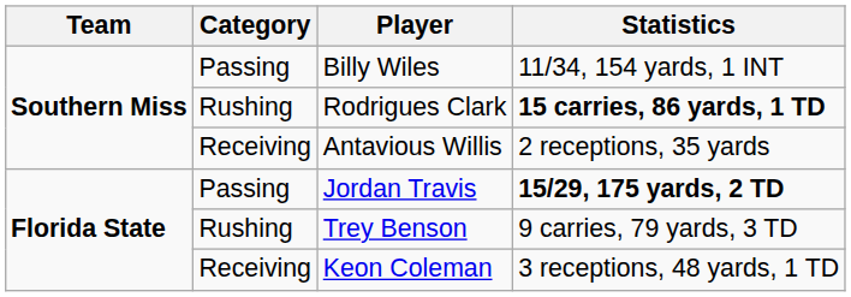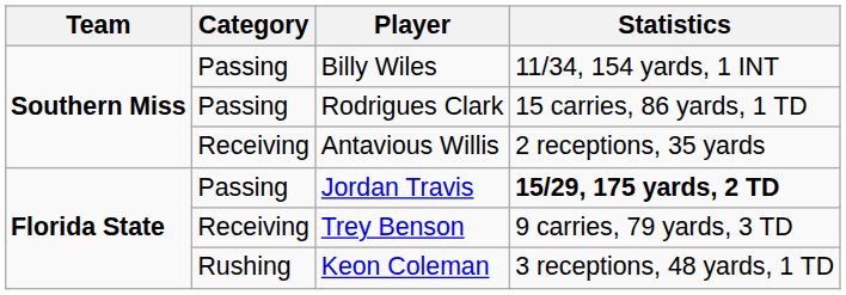 <table class="wikitable" style="float: right;">
 <tr>
 <th>Team</th>
 <th>Category</th>
 <th>Player</th>
 <th>Statistics</th>
 </tr>
 <tr>
 <td rowspan=3><strong>Southern Miss</strong></td>
 <td>Passing</td>
 <td>Billy Wiles</td>
 <td>11/34, 154  yards, 1  INT</td>
 </tr>
 <tr>
-<td>Rushing</td>
+<td>Passing</td>
 <td>Rodrigues Clark</td>
-<td><strong>15 carries, 86 yards, 1 TD</strong></td>
+<td>15 carries, 86 yards, 1 TD</td>
 </tr>
 <tr>
 <td>Receiving</td>
 <td>Antavious Willis</td>
 <td>2 receptions, 35 yards</td>
 </tr>
 <tr>
 <td rowspan=3><strong>Florida State</strong></td>
 <td>Passing</td>
 <td><a href='#'>Jordan Travis</a></td>
 <td><strong>15/29, 175  yards, 2 TD</strong></td>
 </tr>
 <tr>
-<td>Rushing</td>
+<td>Receiving</td>
 <td><a href='#'>Trey Benson</a></td>
 <td>9 carries, 79 yards, 3 TD</td>
 </tr>
 <tr>
-<td>Receiving</td>
+<td>Rushing</td>
 <td><a href='#'>Keon Coleman</a></td>
 <td>3 receptions, 48 yards, 1 TD</td>
 </tr>
 </table>
